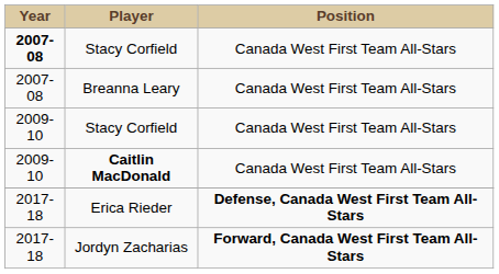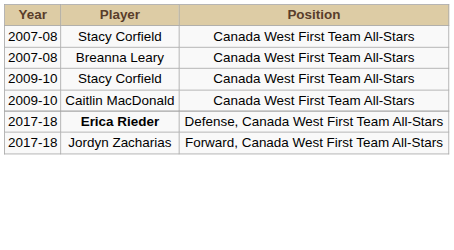 <table class="wikitable" width="60%">
 <tr align="center"  style="background:#DDCCA5;color:#593D2B;">
 <td><strong>Year</strong></td>
 <td><strong>Player</strong></td>
 <td><strong>Position</strong></td>
 </tr>
 <tr align="center" bgcolor="">
-<td><strong>2007-08</strong></td>
+<td>2007-08</td>
 <td>Stacy Corfield</td>
 <td>Canada West First Team All-Stars</td>
 </tr>
 <tr align="center" bgcolor="">
 <td>2007-08</td>
 <td>Breanna Leary</td>
 <td>Canada West First Team All-Stars</td>
 </tr>
 <tr align="center" bgcolor="">
 <td>2009-10</td>
 <td>Stacy Corfield</td>
 <td>Canada West First Team All-Stars</td>
 </tr>
 <tr align="center" bgcolor="">
 <td>2009-10</td>
-<td><strong>Caitlin MacDonald</strong></td>
+<td>Caitlin MacDonald</td>
 <td>Canada West First Team All-Stars</td>
 </tr>
 <tr align="center" bgcolor="">
 </tr>
 <tr align="center" bgcolor="">
 <td>2017-18</td>
-<td>Erica Rieder</td>
-<td><strong>Defense, Canada West First Team All-Stars</strong></td>
+<td><strong>Erica Rieder</strong></td>
+<td>Defense, Canada West First Team All-Stars</td>
 </tr>
 <tr align="center" bgcolor="">
 <td>2017-18</td>
 <td>Jordyn Zacharias</td>
-<td><strong>Forward, Canada West First Team All-Stars</strong></td>
+<td>Forward, Canada West First Team All-Stars</td>
 </tr>
 </table>
